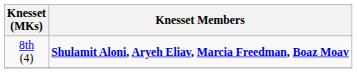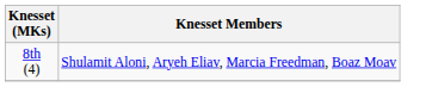 <table class="wikitable" style="text-align:center;">
 <tr>
 <th>Knesset<br>(MKs)</th>
 <th>Knesset Members</th>
 </tr>
 <tr>
 <td><a href='#'>8th</a><br>(4)</td>
-<td style="text-align:left"><strong><a href='#'>Shulamit Aloni</a>, <a href='#'>Aryeh Eliav</a>, <a href='#'>Marcia Freedman</a>, <a href='#'>Boaz Moav</a></strong></td>
+<td style="text-align:left"><a href='#'>Shulamit Aloni</a>, <a href='#'>Aryeh Eliav</a>, <a href='#'>Marcia Freedman</a>, <a href='#'>Boaz Moav</a></td>
 </tr>
 <tr>
 </tr>
 </table>
